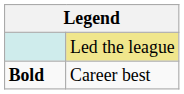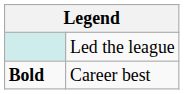 <table class="wikitable">
 <tr>
 <th colspan="2">Legend</th>
 </tr>
 <tr>
 <td style="background:#cfecec; width:3em;"></td>
-<td style="background: khaki;">Led the league</td>
+<td>Led the league</td>
 </tr>
 <tr>
 <td><strong>Bold</strong></td>
 <td>Career best</td>
 </tr>
 </table>
